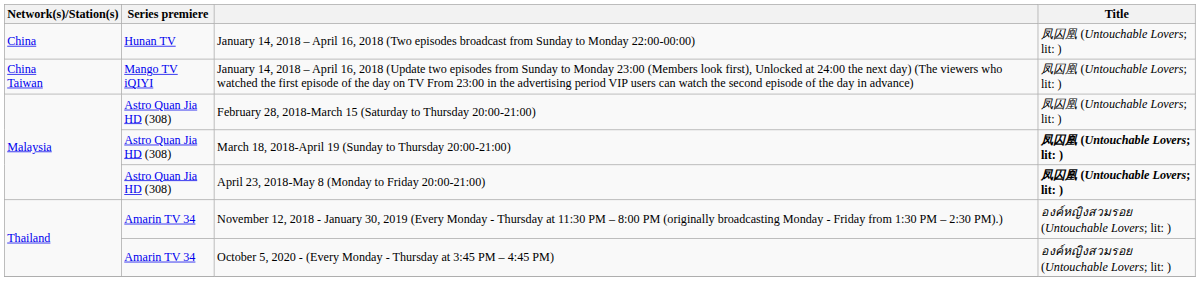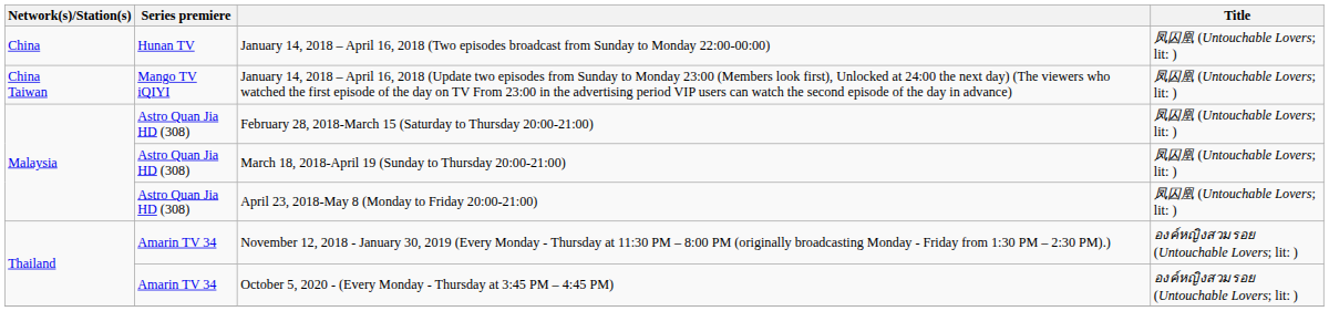 <table class="wikitable">
 <tr>
 <th>Network(s)/Station(s)</th>
 <th>Series premiere</th>
 <th></th>
 <th>Title</th>
 </tr>
 <tr>
 <td> <a href='#'>China</a></td>
 <td><a href='#'>Hunan TV</a></td>
 <td>January 14, 2018 – April 16, 2018 (Two episodes broadcast from Sunday to Monday 22:00-00:00)</td>
 <td><em>凤囚凰</em> (<em>Untouchable Lovers</em>; lit: )</td>
 </tr>
 <tr>
 <td> <a href='#'>China</a> <br>  <a href='#'>Taiwan</a></td>
 <td><a href='#'>Mango TV</a> <br> <a href='#'>iQIYI</a></td>
 <td>January 14, 2018 – April 16, 2018 (Update two episodes from Sunday to Monday 23:00 (Members look first), Unlocked at 24:00 the next day) (The viewers who watched the first episode of the day on TV From 23:00 in the advertising period VIP users can watch the second episode of the day in advance)</td>
 <td><em>凤囚凰</em> (<em>Untouchable Lovers</em>; lit: )</td>
 </tr>
 <tr>
 <td rowspan="3"> <a href='#'>Malaysia</a></td>
 <td><a href='#'>Astro Quan Jia HD</a> (308)</td>
 <td>February 28, 2018-March 15 (Saturday to Thursday 20:00-21:00)</td>
 <td><em>凤囚凰</em> (<em>Untouchable Lovers</em>; lit: )</td>
 </tr>
 <tr>
 <td><a href='#'>Astro Quan Jia HD</a> (308)</td>
 <td>March 18, 2018-April 19 (Sunday to Thursday 20:00-21:00)</td>
-<td><strong><em>凤囚凰</em> (<em>Untouchable Lovers</em>; lit: )</strong></td>
+<td><em>凤囚凰</em> (<em>Untouchable Lovers</em>; lit: )</td>
 </tr>
 <tr>
 <td><a href='#'>Astro Quan Jia HD</a> (308)</td>
 <td>April 23, 2018-May 8 (Monday to Friday 20:00-21:00)</td>
-<td><strong><em>凤囚凰</em> (<em>Untouchable Lovers</em>; lit: )</strong></td>
+<td><em>凤囚凰</em> (<em>Untouchable Lovers</em>; lit: )</td>
 </tr>
 <tr>
 <td rowspan="2"> <a href='#'>Thailand</a></td>
 <td><a href='#'>Amarin TV 34</a></td>
 <td>November 12, 2018 - January 30, 2019 (Every Monday - Thursday at 11:30 PM – 8:00 PM (originally broadcasting Monday - Friday from 1:30 PM – 2:30 PM).)</td>
 <td><em>องค์หญิงสวมรอย</em> (<em>Untouchable Lovers</em>; lit: )</td>
 </tr>
 <tr>
 <td><a href='#'>Amarin TV 34</a></td>
 <td>October 5, 2020 - (Every Monday - Thursday at 3:45 PM – 4:45 PM)</td>
 <td><em>องค์หญิงสวมรอย</em> (<em>Untouchable Lovers</em>; lit: )</td>
 </tr>
 <tr>
 </tr>
 </table>
